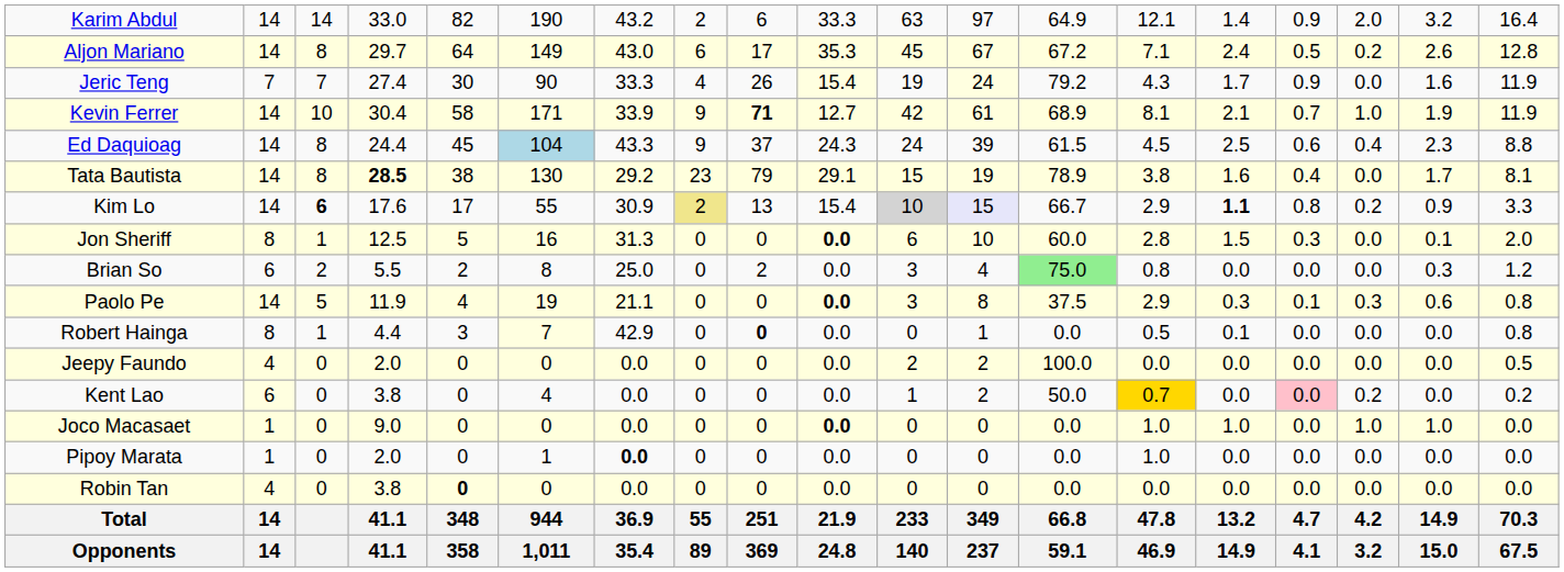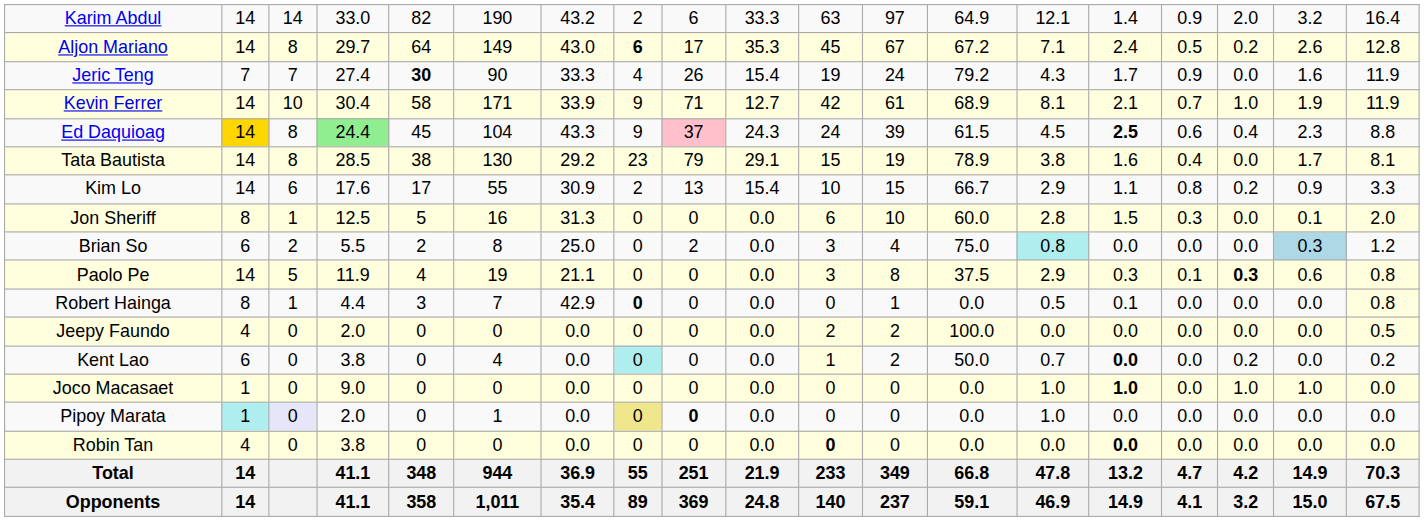 <table class=wikitable width=100%>
 <tr align=center>
 <td><a href='#'>Karim Abdul</a></td>
 <td>14</td>
 <td>14</td>
 <td style=>33.0</td>
 <td>82</td>
 <td>190</td>
 <td>43.2</td>
 <td>2</td>
 <td>6</td>
 <td>33.3</td>
 <td>63</td>
 <td>97</td>
 <td>64.9</td>
 <td style=>12.1</td>
 <td>1.4</td>
 <td style=>0.9</td>
 <td style=>2.0</td>
 <td>3.2</td>
 <td style=>16.4</td>
 </tr>
 <tr bgcolor=#ffffdd align=center>
 <td><a href='#'>Aljon Mariano</a></td>
 <td>14</td>
 <td>8</td>
 <td>29.7</td>
 <td>64</td>
 <td>149</td>
 <td>43.0</td>
-<td>6</td>
+<td><strong>6</strong></td>
 <td>17</td>
 <td style=>35.3</td>
 <td>45</td>
 <td>67</td>
 <td>67.2</td>
 <td>7.1</td>
 <td>2.4</td>
 <td>0.5</td>
 <td>0.2</td>
 <td>2.6</td>
 <td>12.8</td>
 </tr>
 <tr align=center>
 <td><a href='#'>Jeric Teng</a></td>
 <td>7</td>
 <td>7</td>
 <td>27.4</td>
-<td>30</td>
+<td><strong>30</strong></td>
 <td>90</td>
 <td>33.3</td>
 <td>4</td>
 <td>26</td>
-<td style="background: lightyellow;">15.4</td>
+<td>15.4</td>
 <td>19</td>
-<td style="background: lightyellow;">24</td>
+<td>24</td>
 <td>79.2</td>
 <td>4.3</td>
 <td>1.7</td>
 <td style=>0.9</td>
 <td>0.0</td>
 <td>1.6</td>
 <td>11.9</td>
 </tr>
 <tr bgcolor=#ffffdd align=center>
 <td><a href='#'>Kevin Ferrer</a></td>
 <td>14</td>
 <td>10</td>
 <td>30.4</td>
 <td>58</td>
 <td>171</td>
 <td>33.9</td>
 <td>9</td>
-<td><strong>71</strong></td>
+<td>71</td>
 <td>12.7</td>
 <td>42</td>
 <td>61</td>
 <td>68.9</td>
 <td>8.1</td>
 <td>2.1</td>
 <td>0.7</td>
 <td>1.0</td>
 <td>1.9</td>
 <td>11.9</td>
 </tr>
 <tr align=center>
 <td><a href='#'>Ed Daquioag</a></td>
-<td>14</td>
+<td style="background: gold;">14</td>
 <td>8</td>
-<td>24.4</td>
+<td style="background: lightgreen;">24.4</td>
 <td>45</td>
-<td style="background: lightblue;">104</td>
+<td>104</td>
 <td style=>43.3</td>
 <td>9</td>
-<td>37</td>
+<td style="background: pink;">37</td>
 <td>24.3</td>
 <td>24</td>
 <td>39</td>
 <td>61.5</td>
 <td>4.5</td>
-<td style=>2.5</td>
+<td style=><strong>2.5</strong></td>
 <td>0.6</td>
 <td>0.4</td>
 <td>2.3</td>
 <td>8.8</td>
 </tr>
 <tr bgcolor=#ffffdd align=center>
 <td>Tata Bautista</td>
 <td>14</td>
 <td>8</td>
-<td><strong>28.5</strong></td>
+<td>28.5</td>
 <td>38</td>
 <td>130</td>
 <td>29.2</td>
 <td>23</td>
 <td>79</td>
 <td>29.1</td>
 <td>15</td>
 <td>19</td>
 <td>78.9</td>
 <td>3.8</td>
 <td>1.6</td>
 <td>0.4</td>
 <td>0.0</td>
 <td>1.7</td>
 <td>8.1</td>
 </tr>
 <tr align=center>
 <td>Kim Lo</td>
 <td>14</td>
-<td><strong>6</strong></td>
+<td>6</td>
 <td>17.6</td>
 <td>17</td>
 <td>55</td>
 <td>30.9</td>
-<td style="background: khaki;">2</td>
+<td>2</td>
 <td>13</td>
 <td>15.4</td>
-<td style="background: lightgrey;">10</td>
-<td style="background: lavender;">15</td>
+<td>10</td>
+<td>15</td>
 <td>66.7</td>
 <td>2.9</td>
-<td><strong>1.1</strong></td>
+<td>1.1</td>
 <td>0.8</td>
 <td>0.2</td>
 <td>0.9</td>
 <td>3.3</td>
 </tr>
 <tr bgcolor=#ffffdd align=center>
 <td>Jon Sheriff</td>
 <td>8</td>
 <td>1</td>
 <td>12.5</td>
 <td>5</td>
 <td>16</td>
 <td>31.3</td>
 <td>0</td>
 <td>0</td>
-<td><strong>0.0</strong></td>
+<td>0.0</td>
 <td>6</td>
 <td>10</td>
 <td>60.0</td>
 <td>2.8</td>
 <td>1.5</td>
 <td>0.3</td>
 <td>0.0</td>
 <td>0.1</td>
 <td>2.0</td>
 </tr>
 <tr align=center>
 <td>Brian So</td>
 <td>6</td>
 <td>2</td>
 <td>5.5</td>
 <td>2</td>
 <td>8</td>
 <td>25.0</td>
 <td>0</td>
 <td>2</td>
 <td>0.0</td>
 <td>3</td>
 <td>4</td>
-<td style="background: lightgreen;">75.0</td>
-<td>0.8</td>
+<td>75.0</td>
+<td style="background: paleturquoise;">0.8</td>
 <td>0.0</td>
 <td>0.0</td>
 <td>0.0</td>
-<td>0.3</td>
+<td style="background: lightblue;">0.3</td>
 <td>1.2</td>
 </tr>
 <tr bgcolor=#ffffdd align=center>
 <td>Paolo Pe</td>
 <td>14</td>
 <td>5</td>
 <td>11.9</td>
 <td>4</td>
 <td>19</td>
 <td>21.1</td>
 <td>0</td>
 <td>0</td>
-<td><strong>0.0</strong></td>
+<td>0.0</td>
 <td>3</td>
 <td>8</td>
 <td>37.5</td>
 <td>2.9</td>
 <td>0.3</td>
 <td>0.1</td>
-<td>0.3</td>
+<td><strong>0.3</strong></td>
 <td>0.6</td>
 <td>0.8</td>
 </tr>
 <tr align=center>
 <td>Robert Hainga</td>
 <td>8</td>
 <td>1</td>
 <td>4.4</td>
 <td>3</td>
-<td style="background: lightyellow;">7</td>
+<td>7</td>
 <td>42.9</td>
+<td><strong>0</strong></td>
 <td>0</td>
-<td><strong>0</strong></td>
 <td>0.0</td>
 <td>0</td>
 <td>1</td>
 <td>0.0</td>
 <td>0.5</td>
 <td>0.1</td>
 <td>0.0</td>
 <td>0.0</td>
 <td>0.0</td>
-<td>0.8</td>
+<td style="background: lightyellow;">0.8</td>
 </tr>
 <tr bgcolor=#ffffdd align=center>
 <td>Jeepy Faundo</td>
 <td>4</td>
 <td>0</td>
 <td>2.0</td>
 <td>0</td>
 <td>0</td>
 <td>0.0</td>
 <td>0</td>
 <td>0</td>
 <td>0.0</td>
 <td>2</td>
 <td>2</td>
 <td style=>100.0</td>
 <td>0.0</td>
 <td>0.0</td>
 <td>0.0</td>
 <td>0.0</td>
 <td>0.0</td>
 <td>0.5</td>
 </tr>
 <tr align=center>
 <td>Kent Lao</td>
-<td style="background: lightyellow;">6</td>
+<td>6</td>
 <td>0</td>
 <td>3.8</td>
 <td>0</td>
 <td>4</td>
 <td>0.0</td>
-<td>0</td>
+<td style="background: paleturquoise;">0</td>
 <td>0</td>
 <td>0.0</td>
-<td>1</td>
+<td style="background: lightyellow;">1</td>
 <td>2</td>
 <td>50.0</td>
-<td style="background: gold;">0.7</td>
+<td>0.7</td>
+<td><strong>0.0</strong></td>
 <td>0.0</td>
-<td style="background: pink;">0.0</td>
 <td>0.2</td>
 <td>0.0</td>
 <td>0.2</td>
 </tr>
 <tr bgcolor=#ffffdd align=center>
 <td>Joco Macasaet</td>
 <td>1</td>
 <td>0</td>
 <td>9.0</td>
 <td>0</td>
 <td>0</td>
 <td>0.0</td>
 <td>0</td>
 <td>0</td>
-<td><strong>0.0</strong></td>
+<td>0.0</td>
 <td>0</td>
 <td>0</td>
 <td>0.0</td>
 <td>1.0</td>
-<td>1.0</td>
+<td><strong>1.0</strong></td>
 <td>0.0</td>
 <td>1.0</td>
 <td>1.0</td>
 <td>0.0</td>
 </tr>
 <tr align=center>
 <td>Pipoy Marata</td>
-<td>1</td>
-<td>0</td>
+<td style="background: paleturquoise;">1</td>
+<td style="background: lavender;">0</td>
 <td>2.0</td>
 <td>0</td>
 <td>1</td>
-<td><strong>0.0</strong></td>
-<td>0</td>
-<td>0</td>
+<td>0.0</td>
+<td style="background: khaki;">0</td>
+<td><strong>0</strong></td>
 <td>0.0</td>
 <td>0</td>
 <td>0</td>
 <td>0.0</td>
 <td>1.0</td>
 <td>0.0</td>
 <td>0.0</td>
 <td>0.0</td>
 <td>0.0</td>
 <td>0.0</td>
 </tr>
 <tr bgcolor=#ffffdd align=center>
 <td>Robin Tan</td>
 <td>4</td>
 <td>0</td>
 <td>3.8</td>
-<td><strong>0</strong></td>
-<td>0</td>
-<td>0.0</td>
 <td>0</td>
 <td>0</td>
 <td>0.0</td>
 <td>0</td>
 <td>0</td>
 <td>0.0</td>
+<td><strong>0</strong></td>
+<td>0</td>
 <td>0.0</td>
 <td>0.0</td>
+<td><strong>0.0</strong></td>
 <td>0.0</td>
 <td>0.0</td>
 <td>0.0</td>
 <td>0.0</td>
 </tr>
 <tr class=sortbottom>
 <th>Total</th>
 <th>14</th>
 <th></th>
 <th>41.1</th>
 <th>348</th>
 <th>944</th>
 <th>36.9</th>
 <th>55</th>
 <th>251</th>
 <th>21.9</th>
 <th>233</th>
 <th>349</th>
 <th>66.8</th>
 <th>47.8</th>
 <th>13.2</th>
 <th>4.7</th>
 <th>4.2</th>
 <th>14.9</th>
 <th>70.3</th>
 </tr>
 <tr class=sortbottom>
 <th>Opponents</th>
 <th>14</th>
 <th></th>
 <th>41.1</th>
 <th>358</th>
 <th>1,011</th>
 <th>35.4</th>
 <th>89</th>
 <th>369</th>
 <th>24.8</th>
 <th>140</th>
 <th>237</th>
 <th>59.1</th>
 <th>46.9</th>
 <th>14.9</th>
 <th>4.1</th>
 <th>3.2</th>
 <th>15.0</th>
 <th>67.5</th>
 </tr>
 </table>
